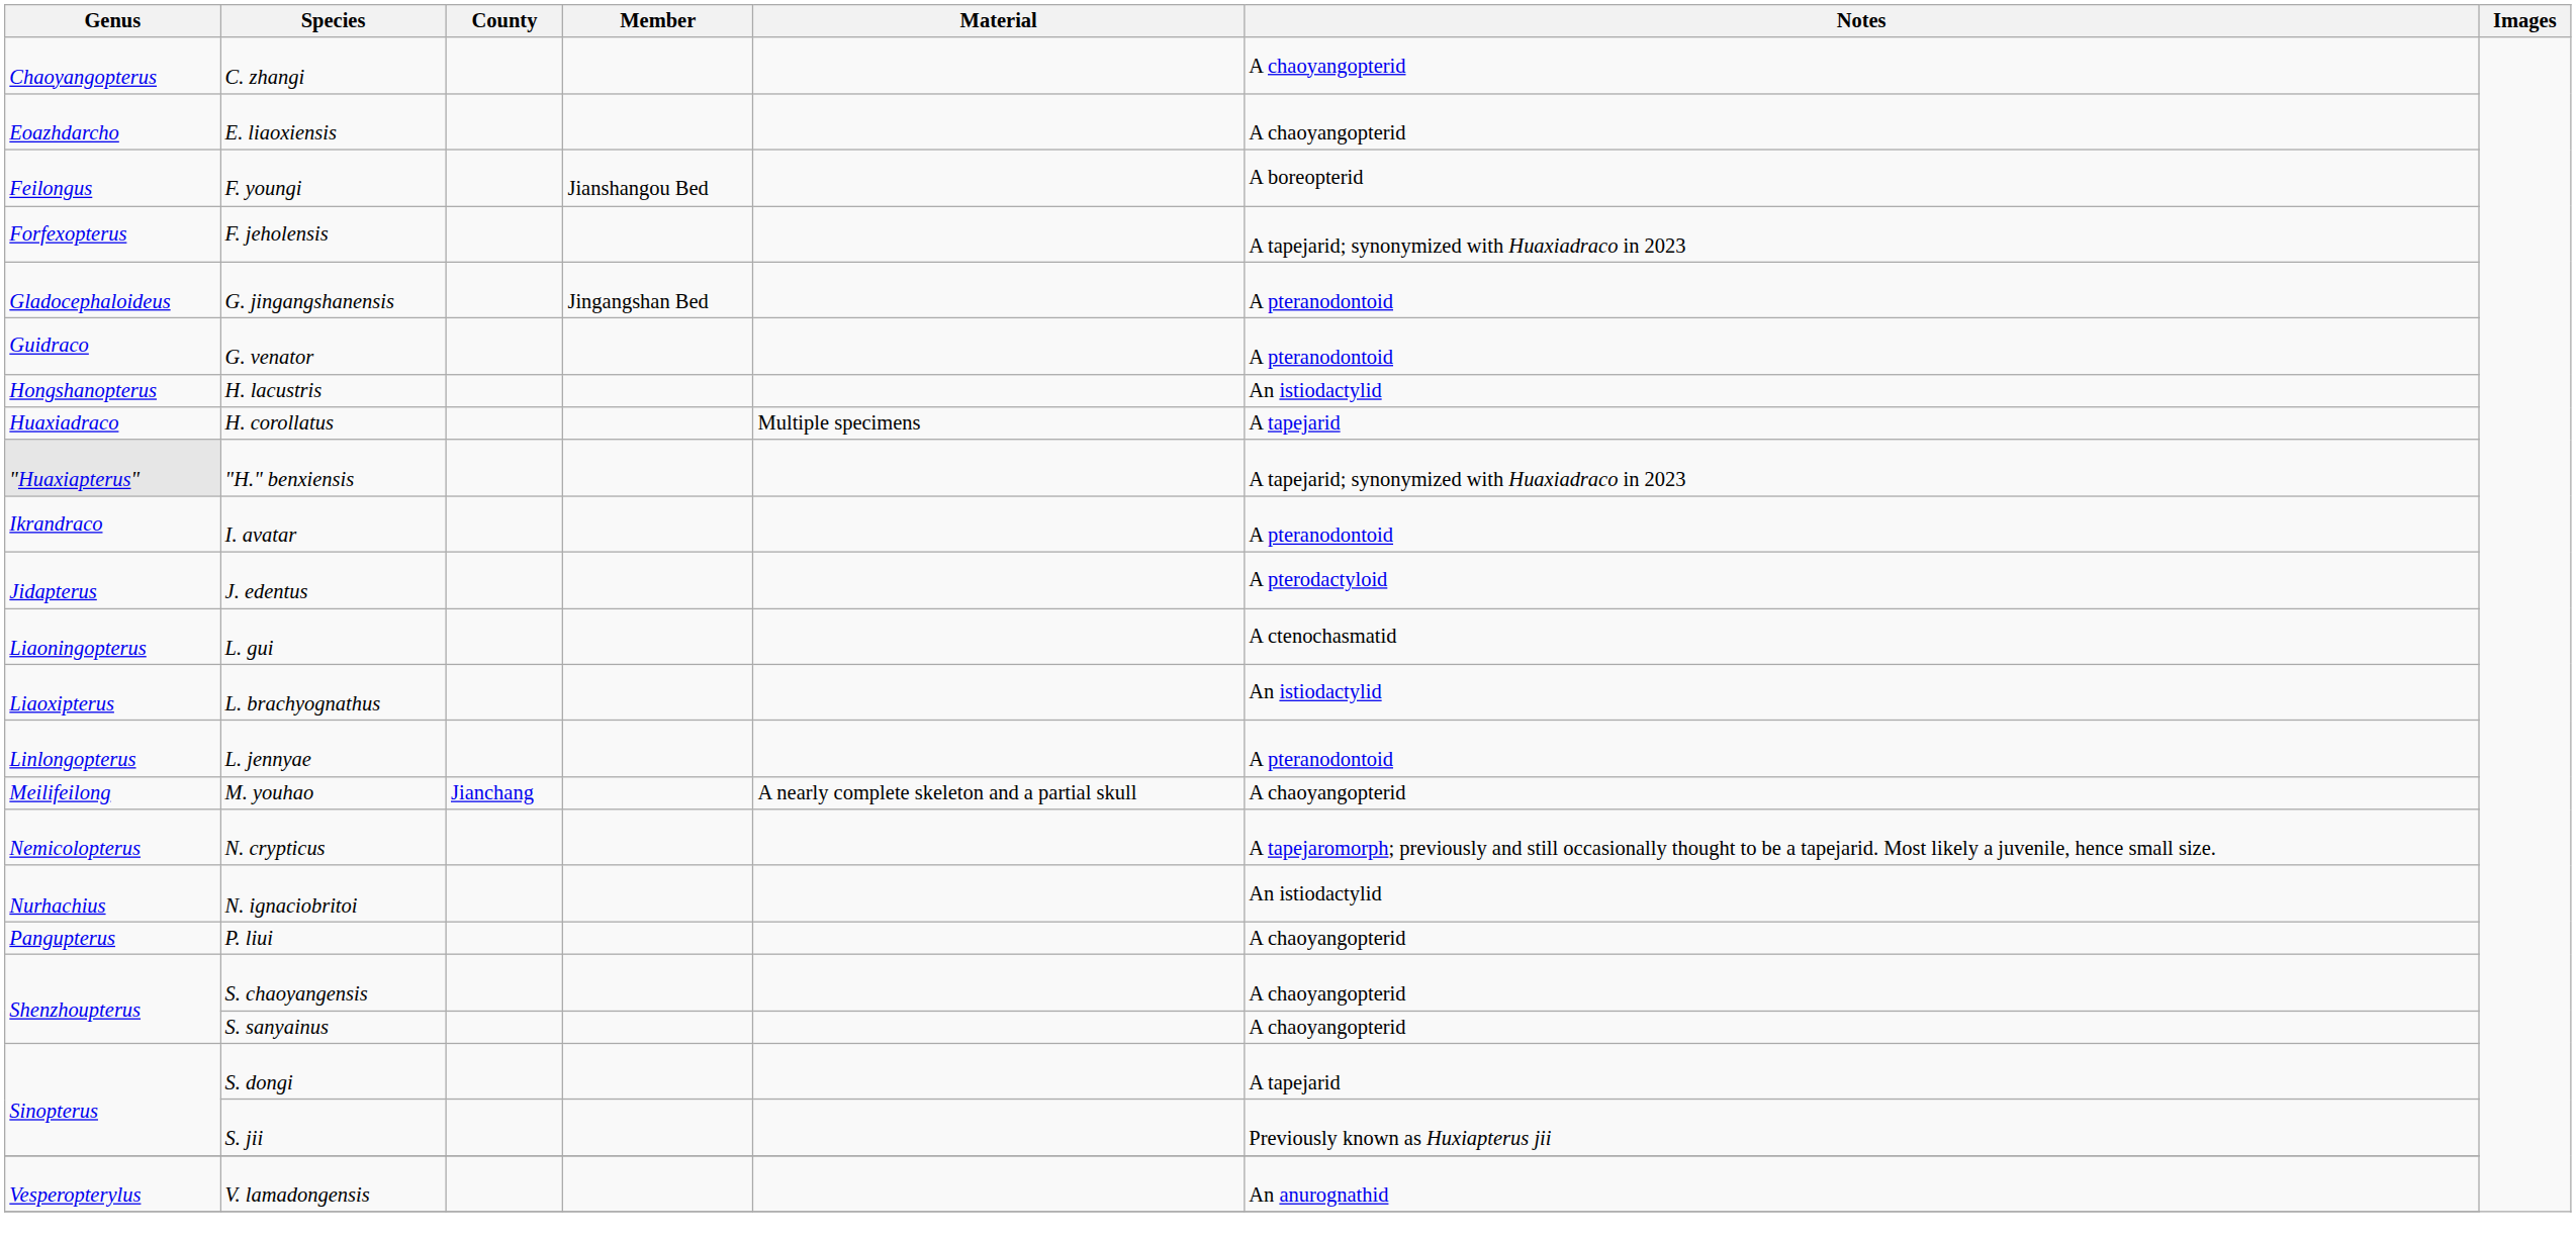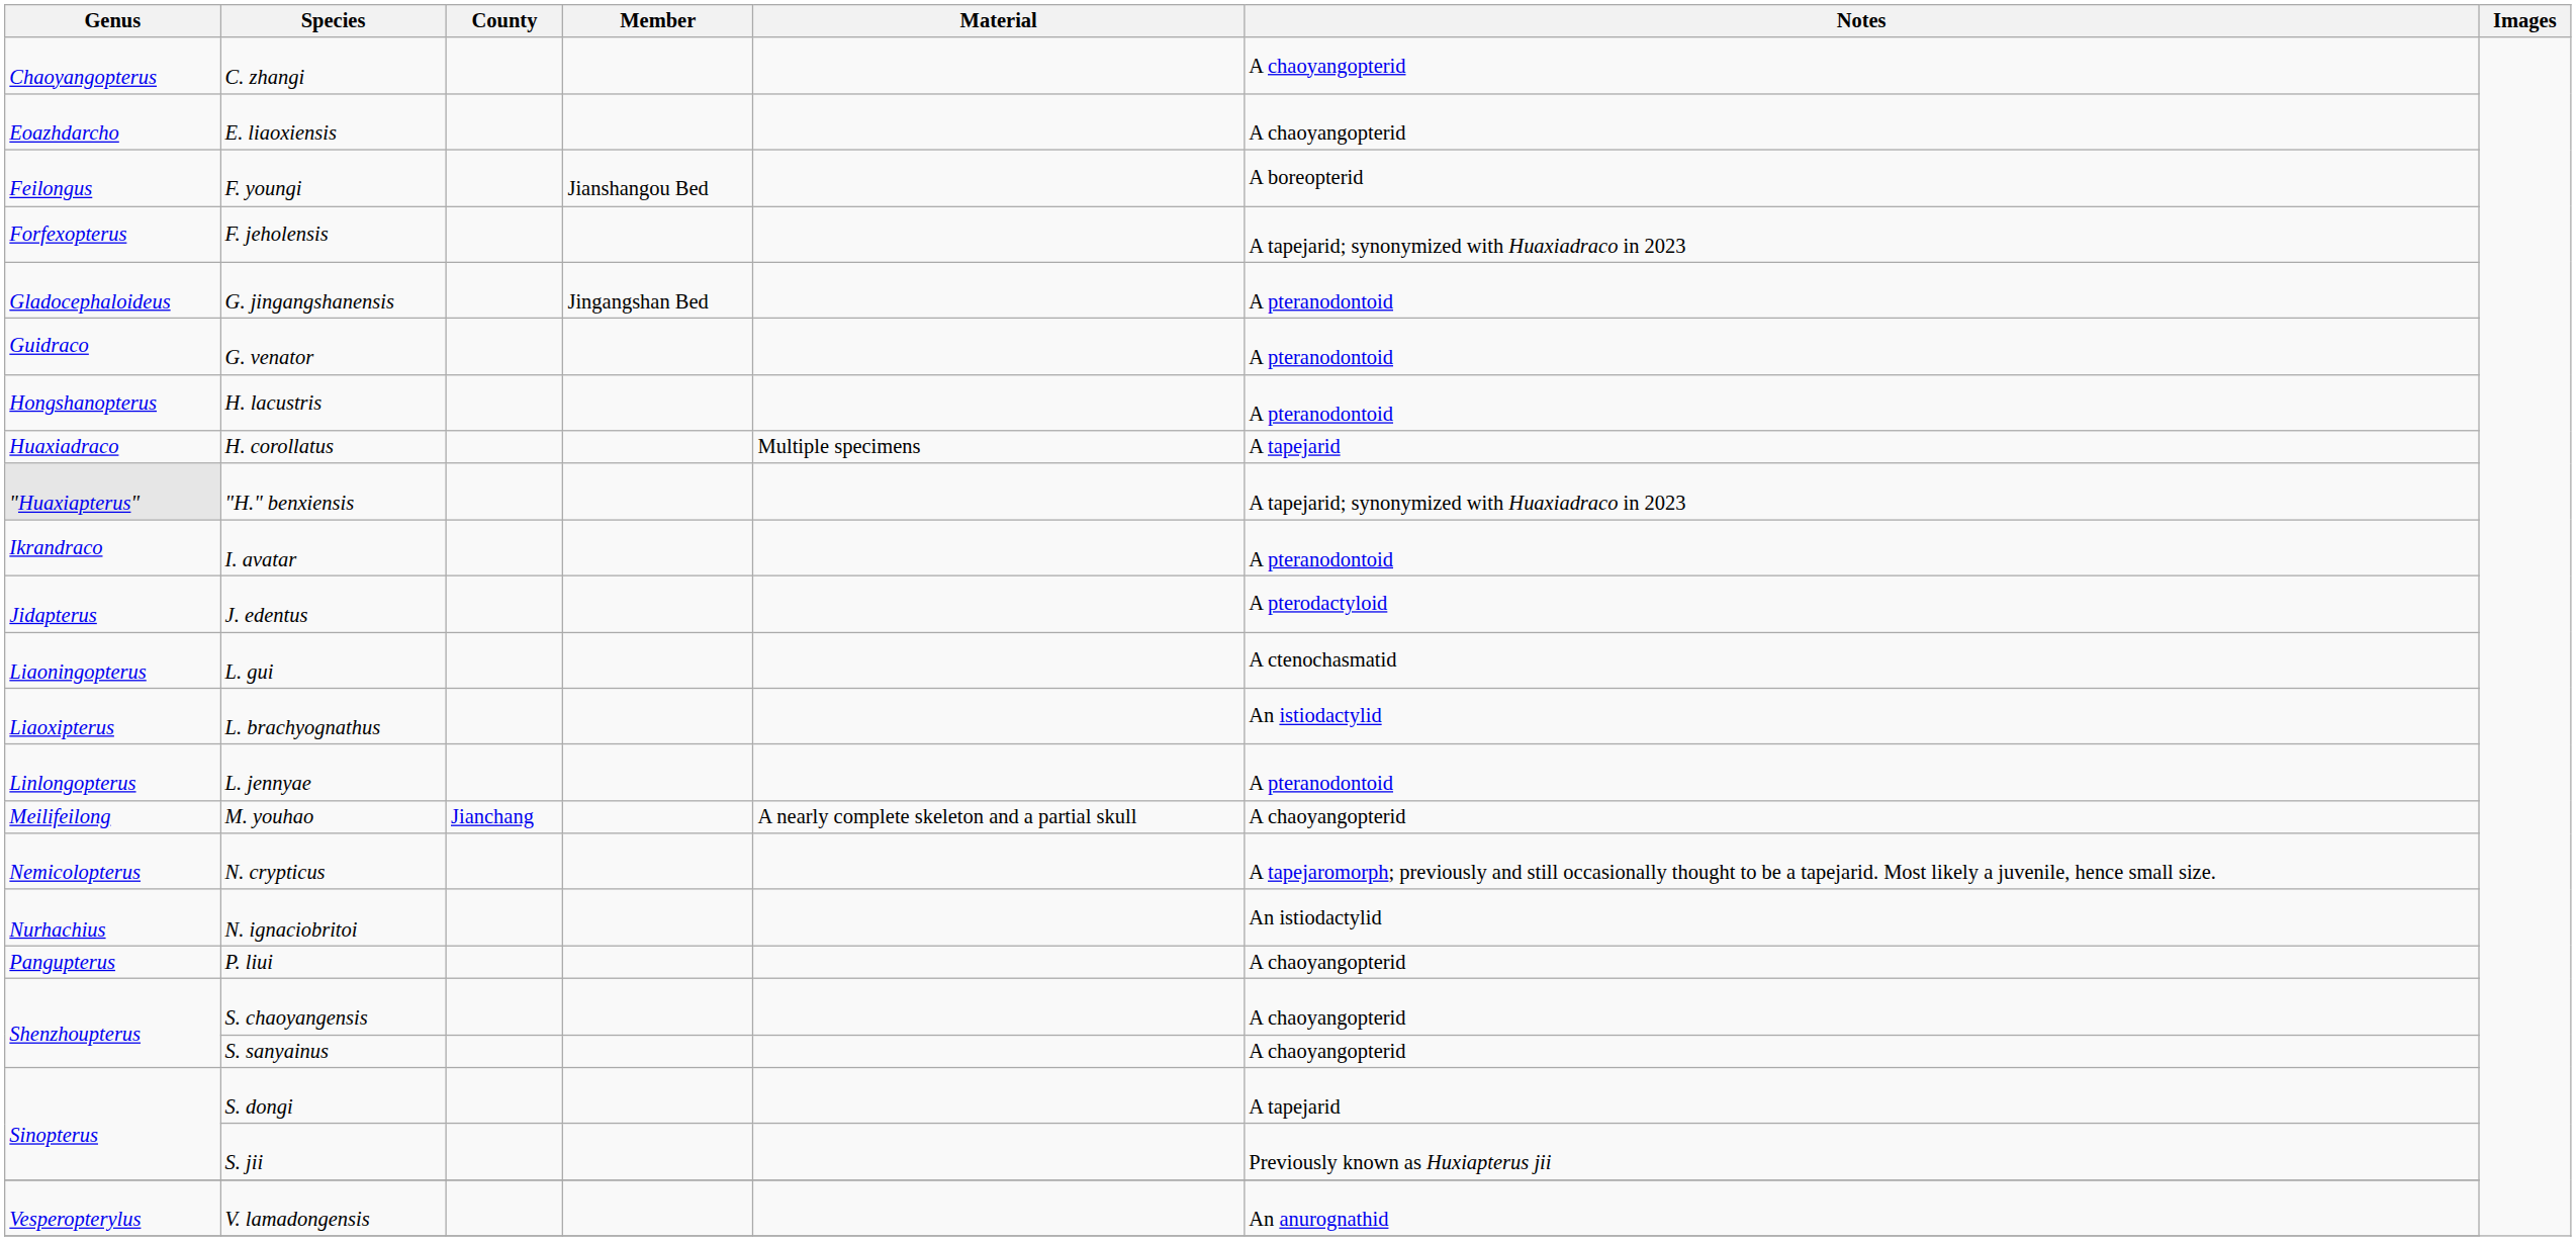 <table class="wikitable" align="center" width="100%">
 <tr>
 <th>Genus</th>
 <th>Species</th>
 <th>County</th>
 <th>Member</th>
 <th>Material</th>
 <th>Notes</th>
 <th>Images</th>
 </tr>
 <tr>
 <td><br><em><a href='#'>Chaoyangopterus</a></em></td>
 <td><br><em>C. zhangi</em></td>
 <td></td>
 <td></td>
 <td></td>
 <td>A <a href='#'>chaoyangopterid</a></td>
 <td rowspan="104"><br>  </td>
 </tr>
 <tr>
 <td><br><em><a href='#'>Eoazhdarcho</a></em></td>
 <td><br><em>E. liaoxiensis</em></td>
 <td></td>
 <td></td>
 <td></td>
 <td><br>A chaoyangopterid</td>
 </tr>
 <tr>
 <td><br><em><a href='#'>Feilongus</a></em></td>
 <td><br><em>F. youngi</em></td>
 <td></td>
 <td><br>Jianshangou Bed</td>
 <td></td>
 <td>A boreopterid</td>
 </tr>
 <tr>
 <td><em><a href='#'>Forfexopterus</a></em></td>
 <td><em>F. jeholensis</em></td>
 <td></td>
 <td></td>
 <td></td>
 <td><br>A tapejarid; synonymized with <em>Huaxiadraco</em> in 2023</td>
 </tr>
 <tr>
 <td><br><em><a href='#'>Gladocephaloideus</a></em></td>
 <td><br><em>G. jingangshanensis</em></td>
 <td></td>
 <td><br>Jingangshan Bed</td>
 <td></td>
 <td><br>A <a href='#'>pteranodontoid</a></td>
 </tr>
 <tr>
 <td><em><a href='#'>Guidraco</a></em></td>
 <td><br><em>G. venator</em></td>
 <td></td>
 <td></td>
 <td></td>
 <td><br>A <a href='#'>pteranodontoid</a></td>
 </tr>
 <tr>
 <td><em><a href='#'>Hongshanopterus</a></em></td>
 <td><em>H. lacustris</em></td>
 <td></td>
 <td></td>
 <td></td>
-<td>An <a href='#'>istiodactylid</a></td>
+<td><br>A <a href='#'>pteranodontoid</a></td>
 </tr>
 <tr>
 <td><em><a href='#'>Huaxiadraco</a></em></td>
 <td><em>H. corollatus</em></td>
 <td></td>
 <td></td>
 <td>Multiple specimens</td>
 <td>A <a href='#'>tapejarid</a></td>
 </tr>
 <tr>
 <td style="background:#E6E6E6;"><br><em>"<a href='#'>Huaxiapterus</a>"</em></td>
 <td><br><em>"H." benxiensis</em></td>
 <td></td>
 <td></td>
 <td></td>
 <td><br>A tapejarid; synonymized with <em>Huaxiadraco</em> in 2023</td>
 </tr>
 <tr>
 <td><em><a href='#'>Ikrandraco</a></em></td>
 <td><br><em>I. avatar</em></td>
 <td></td>
 <td></td>
 <td></td>
 <td><br>A <a href='#'>pteranodontoid</a></td>
 </tr>
 <tr>
 <td><br><em><a href='#'>Jidapterus</a></em></td>
 <td><br><em>J. edentus</em></td>
 <td></td>
 <td></td>
 <td></td>
 <td>A <a href='#'>pterodactyloid</a></td>
 </tr>
 <tr>
 <td><br><em><a href='#'>Liaoningopterus</a></em></td>
 <td><br><em>L. gui</em></td>
 <td></td>
 <td></td>
 <td></td>
 <td>A ctenochasmatid</td>
 </tr>
 <tr>
 <td><br><em><a href='#'>Liaoxipterus</a></em></td>
 <td><br><em>L. brachyognathus</em></td>
 <td></td>
 <td></td>
 <td></td>
 <td>An <a href='#'>istiodactylid</a></td>
 </tr>
 <tr>
 <td><br><em><a href='#'>Linlongopterus</a></em></td>
 <td><br><em>L. jennyae</em></td>
 <td></td>
 <td></td>
 <td></td>
 <td><br>A <a href='#'>pteranodontoid</a></td>
 </tr>
 <tr>
 <td><em><a href='#'>Meilifeilong</a></em></td>
 <td><em>M. youhao</em></td>
 <td><a href='#'>Jianchang</a></td>
 <td></td>
 <td>A nearly complete skeleton and a partial skull</td>
 <td>A chaoyangopterid</td>
 </tr>
 <tr>
 <td><br><em><a href='#'>Nemicolopterus</a></em></td>
 <td><br><em>N. crypticus</em></td>
 <td></td>
 <td></td>
 <td></td>
 <td><br>A <a href='#'>tapejaromorph</a>; previously and still occasionally thought to be a tapejarid. Most likely a juvenile, hence small size.</td>
 </tr>
 <tr>
 <td><br><em><a href='#'>Nurhachius</a></em></td>
 <td><br><em>N. ignaciobritoi</em></td>
 <td></td>
 <td></td>
 <td></td>
 <td>An istiodactylid</td>
 </tr>
 <tr>
 <td><em><a href='#'>Pangupterus</a></em></td>
 <td><em>P. liui</em></td>
 <td></td>
 <td></td>
 <td></td>
 <td>A chaoyangopterid</td>
 </tr>
 <tr>
 <td rowspan="2"><br><em><a href='#'>Shenzhoupterus</a></em></td>
 <td><br><em>S. chaoyangensis</em></td>
 <td></td>
 <td></td>
 <td></td>
 <td><br>A chaoyangopterid</td>
 </tr>
 <tr>
 <td><em>S. sanyainus</em></td>
 <td></td>
 <td></td>
 <td></td>
 <td>A chaoyangopterid</td>
 </tr>
 <tr>
 <td rowspan=2><br><em><a href='#'>Sinopterus</a></em></td>
 <td><br><em>S. dongi</em></td>
 <td></td>
 <td></td>
 <td></td>
 <td><br>A tapejarid</td>
 </tr>
 <tr>
 <td><br><em>S. jii</em></td>
 <td></td>
 <td></td>
 <td></td>
 <td><br>Previously known as <em>Huxiapterus jii</em></td>
 </tr>
 <tr>
 </tr>
 <tr>
 <td><br><em><a href='#'>Vesperopterylus</a></em></td>
 <td><br><em>V. lamadongensis</em></td>
 <td></td>
 <td></td>
 <td></td>
 <td><br>An <a href='#'>anurognathid</a></td>
 </tr>
 <tr>
 </tr>
 </table>
